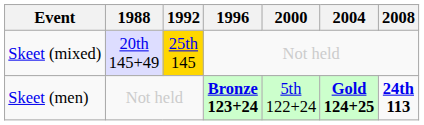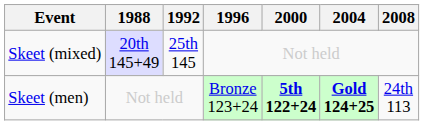 <table class="wikitable" style="text-align: center">
 <tr>
 <th>Event</th>
 <th>1988</th>
 <th>1992</th>
 <th>1996</th>
 <th>2000</th>
 <th>2004</th>
 <th>2008</th>
 </tr>
 <tr>
 <td align=left><a href='#'>Skeet</a> (mixed)</td>
 <td style="background: #ddddff"><a href='#'>20th</a><br>145+49</td>
-<td style="background: gold;"><a href='#'>25th</a><br>145</td>
+<td><a href='#'>25th</a><br>145</td>
 <td colspan=4 style="color: #cccccc">Not held</td>
 </tr>
 <tr>
 <td align=left><a href='#'>Skeet</a> (men)</td>
 <td colspan=2 style="color: #cccccc">Not held</td>
-<td style="background: #ccffcc"><strong> <a href='#'>Bronze</a><br>123+24</strong></td>
-<td style="background: #ccffcc"><a href='#'>5th</a><br>122+24</td>
+<td style="background: #ccffcc"> <a href='#'>Bronze</a><br>123+24</td>
+<td style="background: #ccffcc"><strong><a href='#'>5th</a><br>122+24</strong></td>
 <td style="background: #ccffcc"><strong> <a href='#'>Gold</a><br>124+25</strong></td>
-<td><strong><a href='#'>24th</a><br>113</strong></td>
+<td><a href='#'>24th</a><br>113</td>
 </tr>
 </table>
